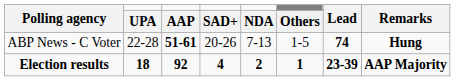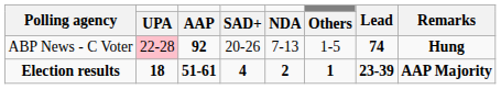 <table class="wikitable sortable" style="text-align:center">
 <tr>
 <th rowspan="2">Polling agency</th>
 <td></td>
 <td></td>
 <td></td>
 <td></td>
 <td bgcolor="gray"></td>
 <th rowspan="2">Lead</th>
 <th rowspan="2">Remarks</th>
 </tr>
 <tr>
 <th>UPA</th>
 <th>AAP</th>
 <th>SAD+</th>
 <th>NDA</th>
 <th>Others</th>
 </tr>
 <tr>
 <td>ABP News - C Voter</td>
-<td>22-28</td>
-<td><strong>51-61</strong></td>
+<td style="background: pink;">22-28</td>
+<td><strong>92</strong></td>
 <td>20-26</td>
 <td>7-13</td>
 <td>1-5</td>
 <td><strong>74</strong></td>
 <td><strong>Hung</strong></td>
 </tr>
 <tr>
 <td style="background:"><strong>Election results</strong></td>
 <td style="background:"><strong>18</strong></td>
-<td><strong>92</strong></td>
+<td><strong>51-61</strong></td>
 <td style="background:"><strong>4</strong></td>
 <td style="background:"><strong>2</strong></td>
 <td style="background:"><strong>1</strong></td>
 <td><strong>23-39</strong></td>
 <td style="background:"><strong>AAP Majority</strong></td>
 </tr>
 </table>
